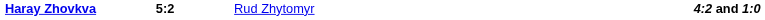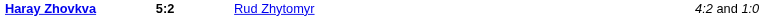 <table width=100% cellspacing=1>
 <tr>
 <th width=20%></th>
 <th width=12%></th>
 <th width=20%></th>
 <th></th>
 </tr>
 <tr style=font-size:90%>
 <td align=right><strong><a href='#'>Haray Zhovkva</a></strong></td>
 <td align=center><strong>5:2</strong></td>
 <td><a href='#'>Rud Zhytomyr</a></td>
-<td align=center><strong><em>4:2</em> and <em>1:0</em></strong></td>
+<td align=center><em>4:2</em> and <em>1:0</em></td>
 </tr>
 </table>
